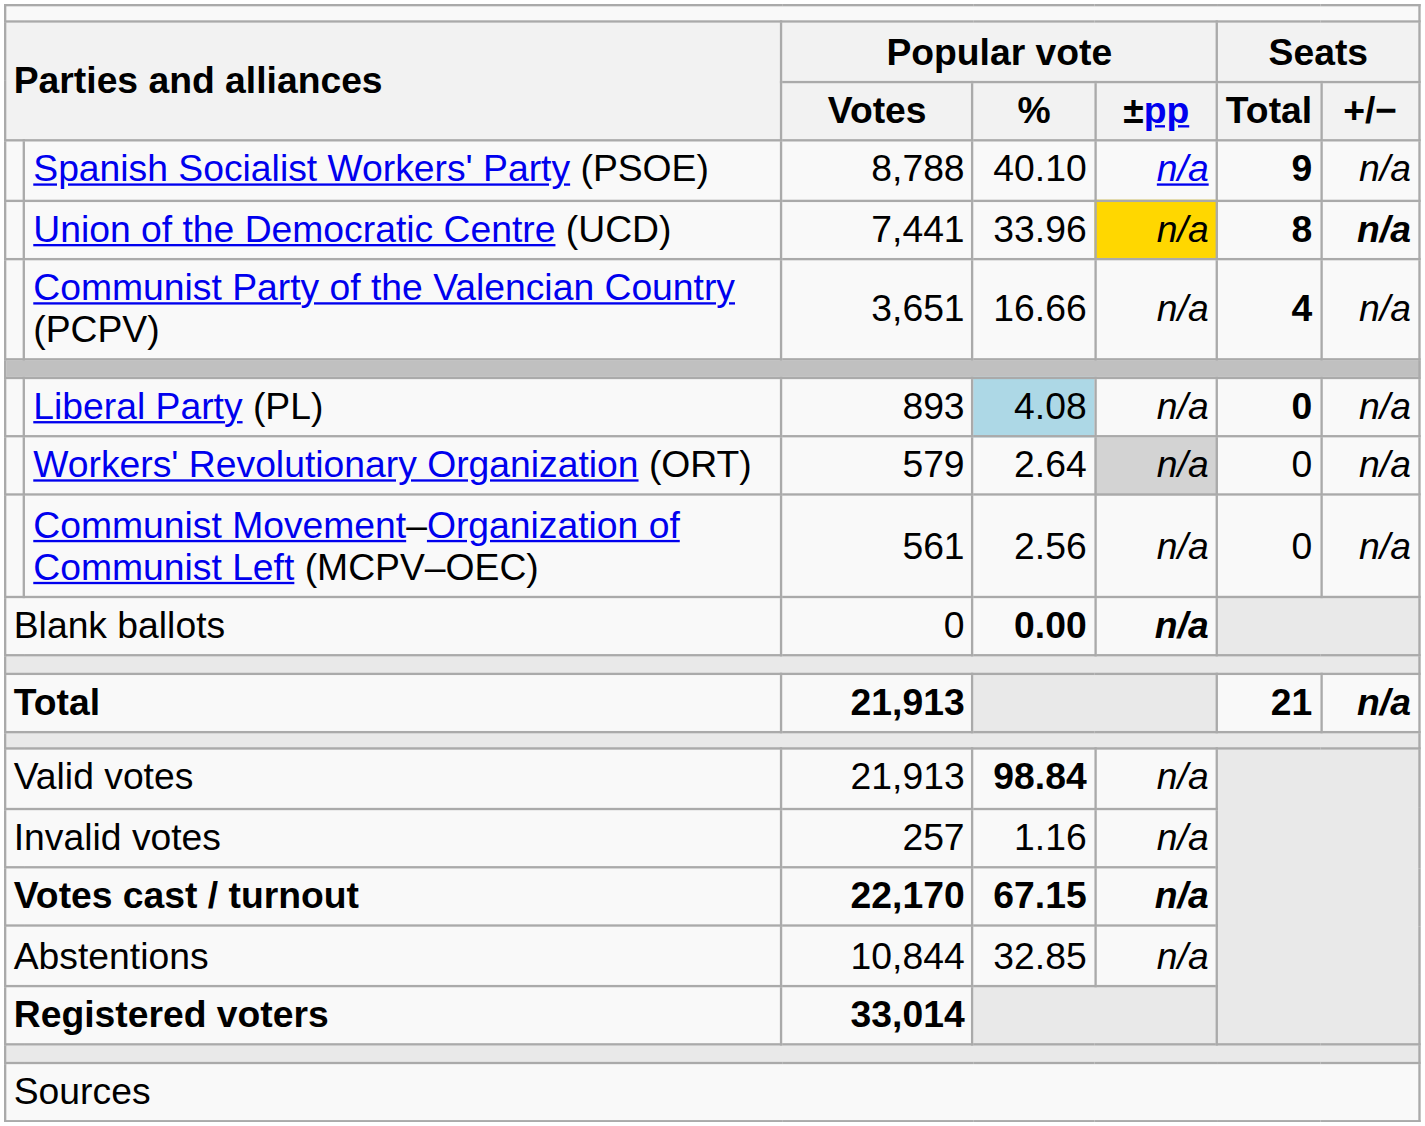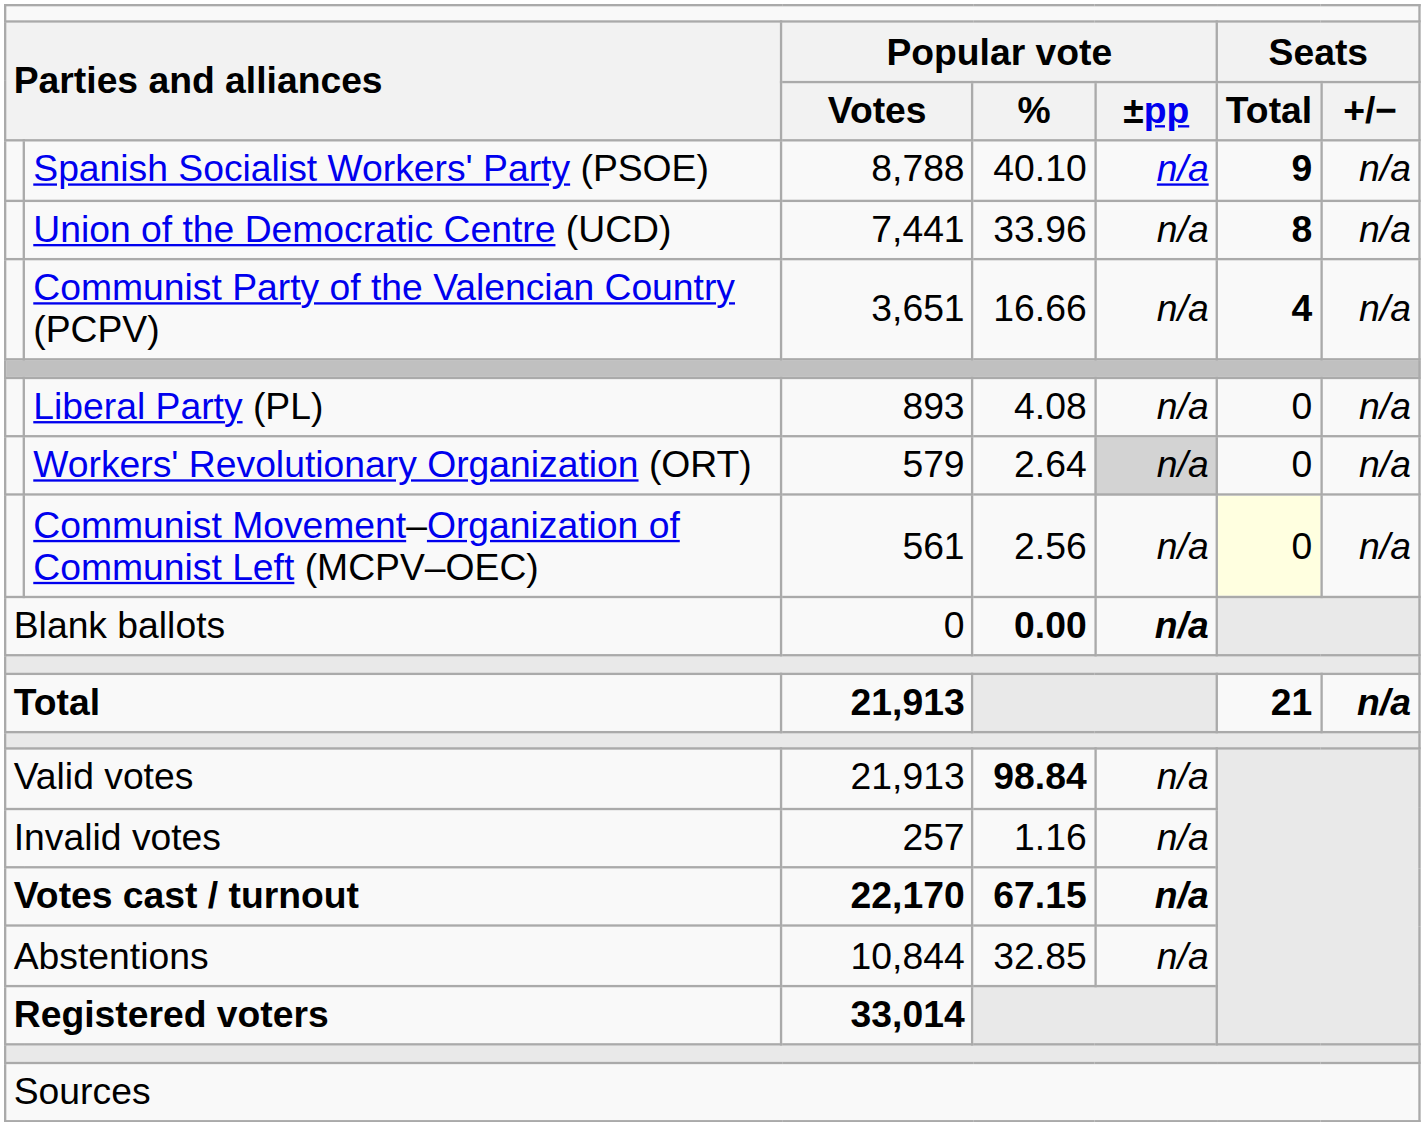 <table class="wikitable" style="text-align:right;">
 <tr>
 <td colspan="7"></td>
 </tr>
 <tr>
 <th style="text-align:left;" rowspan="2" colspan="2" width="525">Parties and alliances</th>
 <th colspan="3">Popular vote</th>
 <th colspan="2">Seats</th>
 </tr>
 <tr>
 <th width="75">Votes</th>
 <th width="45">%</th>
 <th width="45">±<a href='#'>pp</a></th>
 <th width="35">Total</th>
 <th width="35">+/−</th>
 </tr>
 <tr>
 <td width="1" style="color:inherit;background:"></td>
 <td align="left"><a href='#'>Spanish Socialist Workers' Party</a> (PSOE)</td>
 <td>8,788</td>
 <td>40.10</td>
 <td><em><a href='#'>n/a</a></em></td>
 <td><strong>9</strong></td>
 <td><em>n/a</em></td>
 </tr>
 <tr>
 <td style="color:inherit;background:"></td>
 <td align="left"><a href='#'>Union of the Democratic Centre</a> (UCD)</td>
 <td>7,441</td>
 <td>33.96</td>
-<td style="background: gold;"><em>n/a</em></td>
+<td><em>n/a</em></td>
 <td><strong>8</strong></td>
-<td><strong><em>n/a</em></strong></td>
+<td><em>n/a</em></td>
 </tr>
 <tr>
 <td style="color:inherit;background:"></td>
 <td align="left"><a href='#'>Communist Party of the Valencian Country</a> (PCPV)</td>
 <td>3,651</td>
 <td>16.66</td>
 <td><em>n/a</em></td>
 <td><strong>4</strong></td>
 <td><em>n/a</em></td>
 </tr>
 <tr>
 <td colspan="7" bgcolor="#C0C0C0"></td>
 </tr>
 <tr>
 <td style="color:inherit;background:"></td>
 <td align="left"><a href='#'>Liberal Party</a> (PL)</td>
 <td>893</td>
-<td style="background: lightblue;">4.08</td>
+<td>4.08</td>
 <td><em>n/a</em></td>
-<td><strong>0</strong></td>
+<td>0</td>
 <td><em>n/a</em></td>
 </tr>
 <tr>
 <td style="color:inherit;background:"></td>
 <td align="left"><a href='#'>Workers' Revolutionary Organization</a> (ORT)</td>
 <td>579</td>
 <td>2.64</td>
 <td style="background: lightgrey;"><em>n/a</em></td>
 <td>0</td>
 <td><em>n/a</em></td>
 </tr>
 <tr>
 <td style="color:inherit;background:"></td>
 <td align="left"><a href='#'>Communist Movement</a>–<a href='#'>Organization of Communist Left</a> (MCPV–OEC)</td>
 <td>561</td>
 <td>2.56</td>
 <td><em>n/a</em></td>
-<td>0</td>
+<td style="background: lightyellow;">0</td>
 <td><em>n/a</em></td>
 </tr>
 <tr>
 <td align="left" colspan="2">Blank ballots</td>
 <td>0</td>
 <td><strong>0.00</strong></td>
 <td><strong><em>n/a</em></strong></td>
 <td bgcolor="#E9E9E9" colspan="2"></td>
 </tr>
 <tr>
 <td colspan="7" bgcolor="#E9E9E9"></td>
 </tr>
 <tr style="font-weight:bold;">
 <td align="left" colspan="2">Total</td>
 <td>21,913</td>
 <td bgcolor="#E9E9E9" colspan="2"></td>
 <td>21</td>
 <td><em>n/a</em></td>
 </tr>
 <tr>
 <td colspan="7" bgcolor="#E9E9E9"></td>
 </tr>
 <tr>
 <td align="left" colspan="2">Valid votes</td>
 <td>21,913</td>
 <td><strong>98.84</strong></td>
 <td><em>n/a</em></td>
 <td bgcolor="#E9E9E9" colspan="2" rowspan="5"></td>
 </tr>
 <tr>
 <td align="left" colspan="2">Invalid votes</td>
 <td>257</td>
 <td>1.16</td>
 <td><em>n/a</em></td>
 </tr>
 <tr style="font-weight:bold;">
 <td align="left" colspan="2">Votes cast / turnout</td>
 <td>22,170</td>
 <td>67.15</td>
 <td><em>n/a</em></td>
 </tr>
 <tr>
 <td align="left" colspan="2">Abstentions</td>
 <td>10,844</td>
 <td>32.85</td>
 <td><em>n/a</em></td>
 </tr>
 <tr style="font-weight:bold;">
 <td align="left" colspan="2">Registered voters</td>
 <td>33,014</td>
 <td bgcolor="#E9E9E9" colspan="2"></td>
 </tr>
 <tr>
 <td colspan="7" bgcolor="#E9E9E9"></td>
 </tr>
 <tr>
 <td align="left" colspan="7">Sources</td>
 </tr>
 </table>
